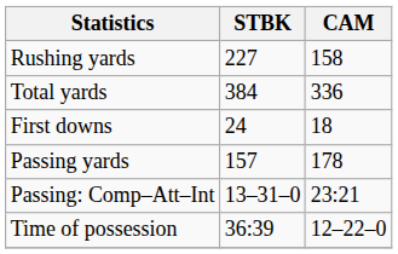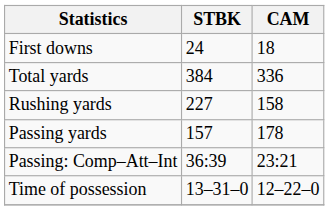 <table class="wikitable" style="float: left;">
 <tr>
 <th>Statistics</th>
 <th>STBK</th>
 <th>CAM</th>
 </tr>
 <tr>
-<td>Rushing yards</td>
-<td>227</td>
-<td>158</td>
+<td>First downs</td>
+<td>24</td>
+<td>18</td>
 </tr>
 <tr>
 <td>Total yards</td>
 <td>384</td>
 <td>336</td>
 </tr>
 <tr>
-<td>First downs</td>
-<td>24</td>
-<td>18</td>
+<td>Rushing yards</td>
+<td>227</td>
+<td>158</td>
 </tr>
 <tr>
 <td>Passing yards</td>
 <td>157</td>
 <td>178</td>
 </tr>
 <tr>
 <td>Passing: Comp–Att–Int</td>
-<td>13–31–0</td>
+<td>36:39</td>
 <td>23:21</td>
 </tr>
 <tr>
 <td>Time of possession</td>
-<td>36:39</td>
+<td>13–31–0</td>
 <td>12–22–0</td>
 </tr>
 <tr>
 </tr>
 </table>
